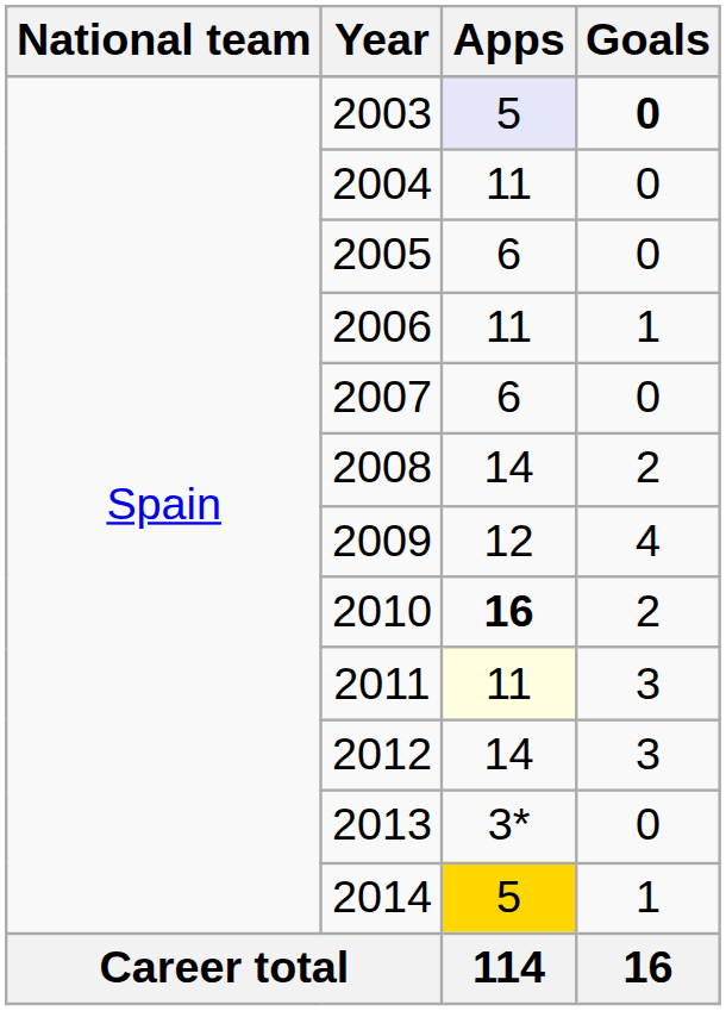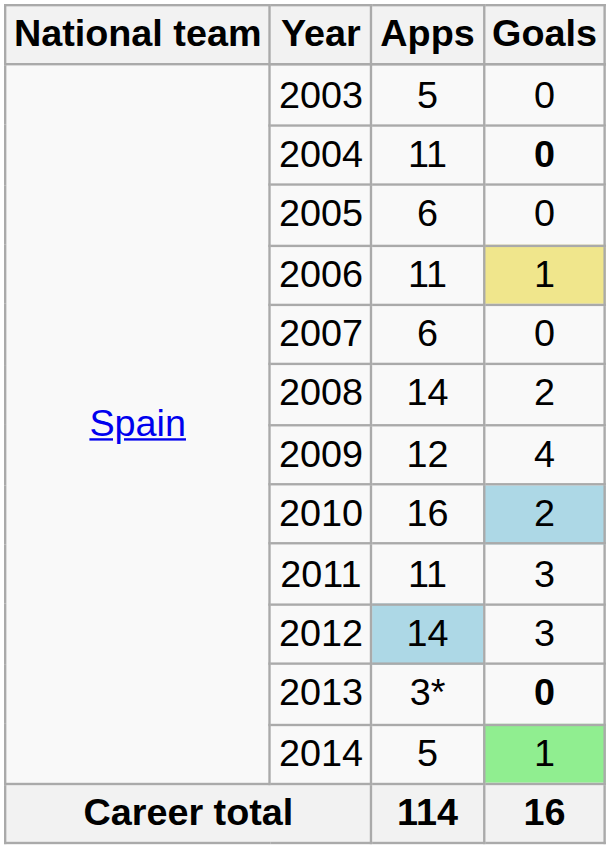 <table class="wikitable" style="text-align: center;">
 <tr>
 <th>National team</th>
 <th>Year</th>
 <th>Apps</th>
 <th>Goals</th>
 </tr>
 <tr>
 <td rowspan="13"><a href='#'>Spain</a></td>
 </tr>
 <tr>
 <td>2003</td>
-<td style="background: lavender;">5</td>
-<td><strong>0</strong></td>
+<td>5</td>
+<td>0</td>
 </tr>
 <tr>
 <td>2004</td>
 <td>11</td>
-<td>0</td>
+<td><strong>0</strong></td>
 </tr>
 <tr>
 <td>2005</td>
 <td>6</td>
 <td>0</td>
 </tr>
 <tr>
 <td>2006</td>
 <td>11</td>
-<td>1</td>
+<td style="background: khaki;">1</td>
 </tr>
 <tr>
 <td>2007</td>
 <td>6</td>
 <td>0</td>
 </tr>
 <tr>
 <td>2008</td>
 <td>14</td>
 <td>2</td>
 </tr>
 <tr>
 <td>2009</td>
 <td>12</td>
 <td>4</td>
 </tr>
 <tr>
 <td>2010</td>
-<td><strong>16</strong></td>
-<td>2</td>
+<td>16</td>
+<td style="background: lightblue;">2</td>
 </tr>
 <tr>
 <td>2011</td>
-<td style="background: lightyellow;">11</td>
+<td>11</td>
 <td>3</td>
 </tr>
 <tr>
 <td>2012</td>
-<td>14</td>
+<td style="background: lightblue;">14</td>
 <td>3</td>
 </tr>
 <tr>
 <td>2013</td>
 <td>3*</td>
-<td>0</td>
+<td><strong>0</strong></td>
 </tr>
 <tr>
 <td>2014</td>
-<td style="background: gold;">5</td>
-<td>1</td>
+<td>5</td>
+<td style="background: lightgreen;">1</td>
 </tr>
 <tr>
 <th colspan="2">Career total</th>
 <th>114</th>
 <th>16</th>
 </tr>
 </table>
